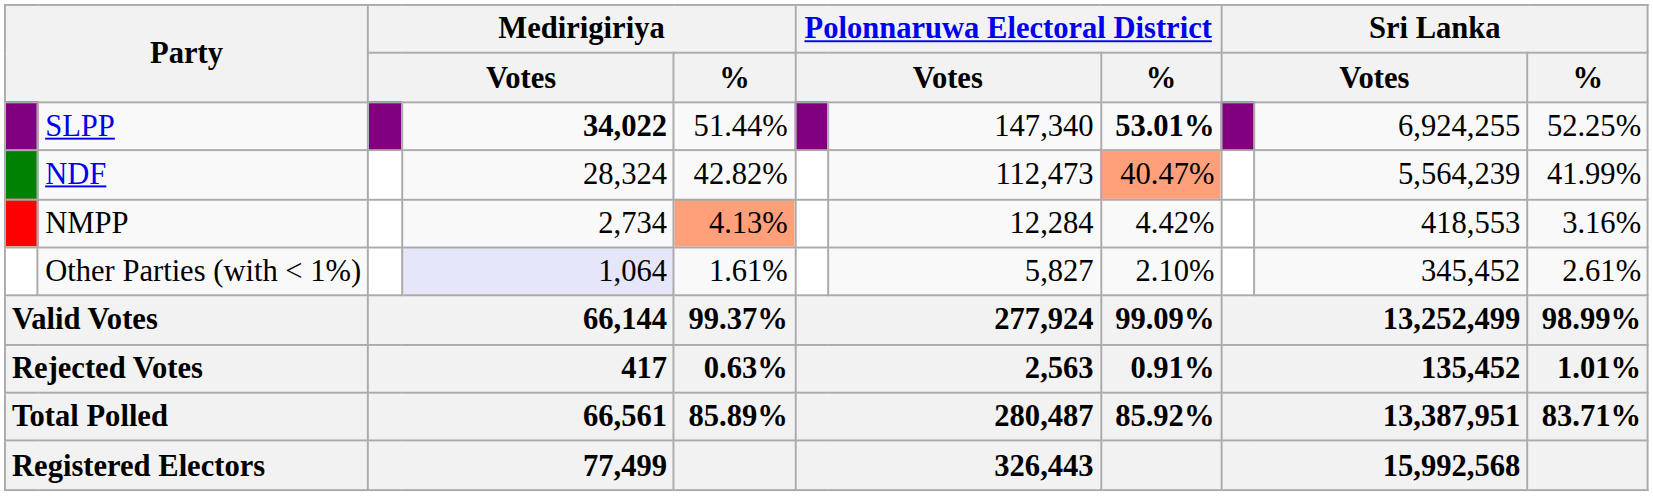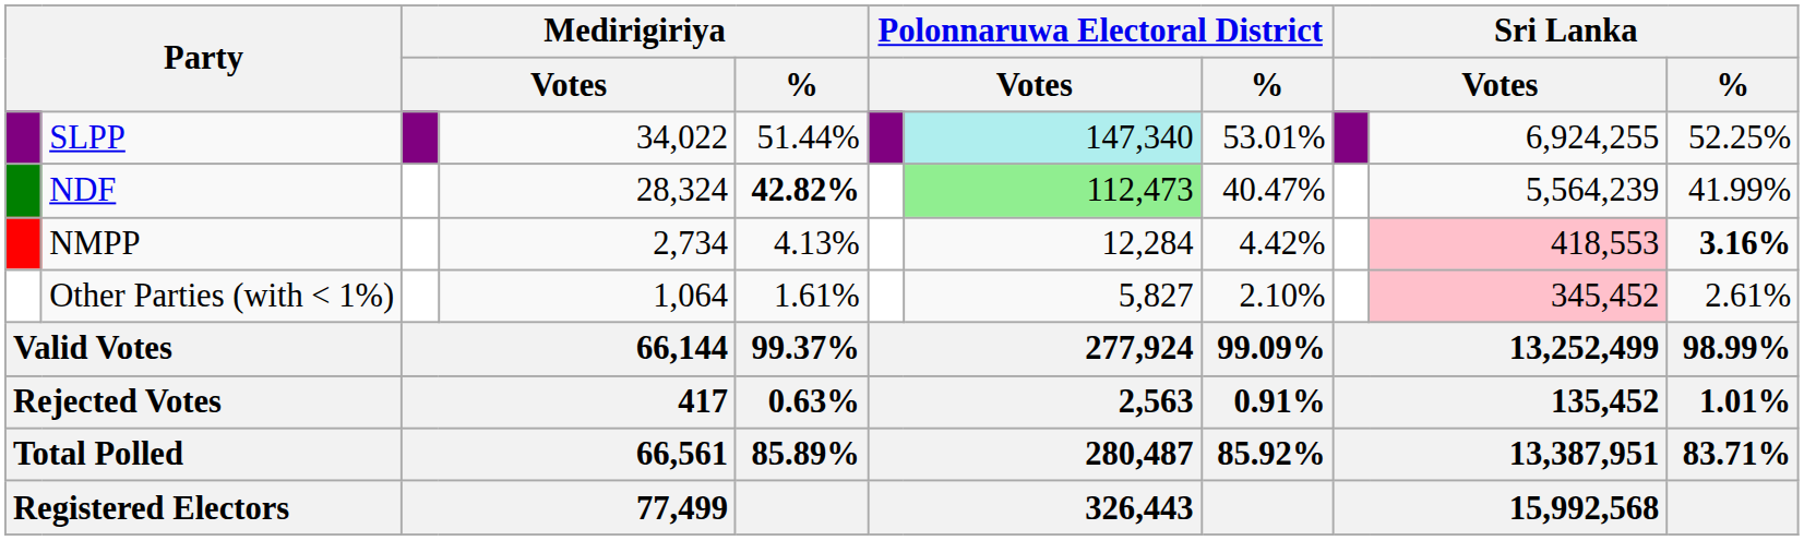 <table class="wikitable">
 <tr>
 <th colspan="2" width="144px"rowspan="2">Party</th>
 <th colspan="3" width="216px">Medirigiriya</th>
 <th colspan="3" width="216px"><a href='#'>Polonnaruwa Electoral District</a></th>
 <th colspan="3" width="216px">Sri Lanka</th>
 </tr>
 <tr>
 <th colspan="2" width="144px">Votes</th>
 <th>%</th>
 <th colspan="2" width="144px">Votes</th>
 <th>%</th>
 <th colspan="2" width="144px">Votes</th>
 <th>%</th>
 </tr>
 <tr>
 <td style="background-color:purple;" width="10px"></td>
 <td style="text-align:left;"><a href='#'>SLPP</a></td>
 <td style="background-color:purple;" width="10px"></td>
-<td style="text-align:right;"><strong>34,022</strong></td>
+<td style="text-align:right;">34,022</td>
 <td style="text-align:right;">51.44%</td>
 <td style="background-color:purple;" width="10px"></td>
-<td style="text-align:right;">147,340</td>
-<td style="text-align:right;"><strong>53.01%</strong></td>
+<td style="background: paleturquoise; text-align:right;">147,340</td>
+<td style="text-align:right;">53.01%</td>
 <td style="background-color:purple;" width="10px"></td>
 <td style="text-align:right;">6,924,255</td>
 <td style="text-align:right;">52.25%</td>
 </tr>
 <tr>
 <td style="background-color:green;" width="10px"></td>
 <td style="text-align:left;"><a href='#'>NDF</a></td>
 <td style="background-color:white;" width="10px"></td>
 <td style="text-align:right;">28,324</td>
-<td style="text-align:right;">42.82%</td>
+<td style="text-align:right;"><strong>42.82%</strong></td>
 <td style="background-color:white;" width="10px"></td>
-<td style="text-align:right;">112,473</td>
-<td style="background: lightsalmon; text-align:right;">40.47%</td>
+<td style="background: lightgreen; text-align:right;">112,473</td>
+<td style="text-align:right;">40.47%</td>
 <td style="background-color:white;" width="10px"></td>
 <td style="text-align:right;">5,564,239</td>
 <td style="text-align:right;">41.99%</td>
 </tr>
 <tr>
 <td style="background-color:red;" width="10px"></td>
 <td style="text-align:left;">NMPP</td>
 <td style="background-color:white;" width="10px"></td>
 <td style="text-align:right;">2,734</td>
-<td style="background: lightsalmon; text-align:right;">4.13%</td>
+<td style="text-align:right;">4.13%</td>
 <td style="background-color:white;" width="10px"></td>
 <td style="text-align:right;">12,284</td>
 <td style="text-align:right;">4.42%</td>
 <td style="background-color:white;" width="10px"></td>
-<td style="text-align:right;">418,553</td>
-<td style="text-align:right;">3.16%</td>
+<td style="background: pink; text-align:right;">418,553</td>
+<td style="text-align:right;"><strong>3.16%</strong></td>
 </tr>
 <tr>
 <td style="background-color:white;" width="10px"></td>
 <td style="text-align:left;">Other Parties (with < 1%)</td>
 <td style="background-color:white;" width="10px"></td>
-<td style="background: lavender; text-align:right;">1,064</td>
+<td style="text-align:right;">1,064</td>
 <td style="text-align:right;">1.61%</td>
 <td style="background-color:white;" width="10px"></td>
 <td style="text-align:right;">5,827</td>
 <td style="text-align:right;">2.10%</td>
 <td style="background-color:white;" width="10px"></td>
-<td style="text-align:right;">345,452</td>
+<td style="background: pink; text-align:right;">345,452</td>
 <td style="text-align:right;">2.61%</td>
 </tr>
 <tr>
 <th colspan="2" width="144px"style="text-align:left;">Valid Votes</th>
 <th style="text-align:right;"colspan="2" width="144px">66,144</th>
 <th style="text-align:right;">99.37%</th>
 <th style="text-align:right;"colspan="2" width="144px">277,924</th>
 <th style="text-align:right;">99.09%</th>
 <th style="text-align:right;"colspan="2" width="144px">13,252,499</th>
 <th style="text-align:right;">98.99%</th>
 </tr>
 <tr>
 <th colspan="2" width="144px"style="text-align:left;">Rejected Votes</th>
 <th style="text-align:right;"colspan="2" width="144px">417</th>
 <th style="text-align:right;">0.63%</th>
 <th style="text-align:right;"colspan="2" width="144px">2,563</th>
 <th style="text-align:right;">0.91%</th>
 <th style="text-align:right;"colspan="2" width="144px">135,452</th>
 <th style="text-align:right;">1.01%</th>
 </tr>
 <tr>
 <th colspan="2" width="144px"style="text-align:left;">Total Polled</th>
 <th style="text-align:right;"colspan="2" width="144px">66,561</th>
 <th style="text-align:right;">85.89%</th>
 <th style="text-align:right;"colspan="2" width="144px">280,487</th>
 <th style="text-align:right;">85.92%</th>
 <th style="text-align:right;"colspan="2" width="144px">13,387,951</th>
 <th style="text-align:right;">83.71%</th>
 </tr>
 <tr>
 <th colspan="2" width="144px"style="text-align:left;">Registered Electors</th>
 <th style="text-align:right;"colspan="2" width="144px">77,499</th>
 <th></th>
 <th style="text-align:right;"colspan="2" width="144px">326,443</th>
 <th></th>
 <th style="text-align:right;"colspan="2" width="144px">15,992,568</th>
 <th></th>
 </tr>
 </table>
